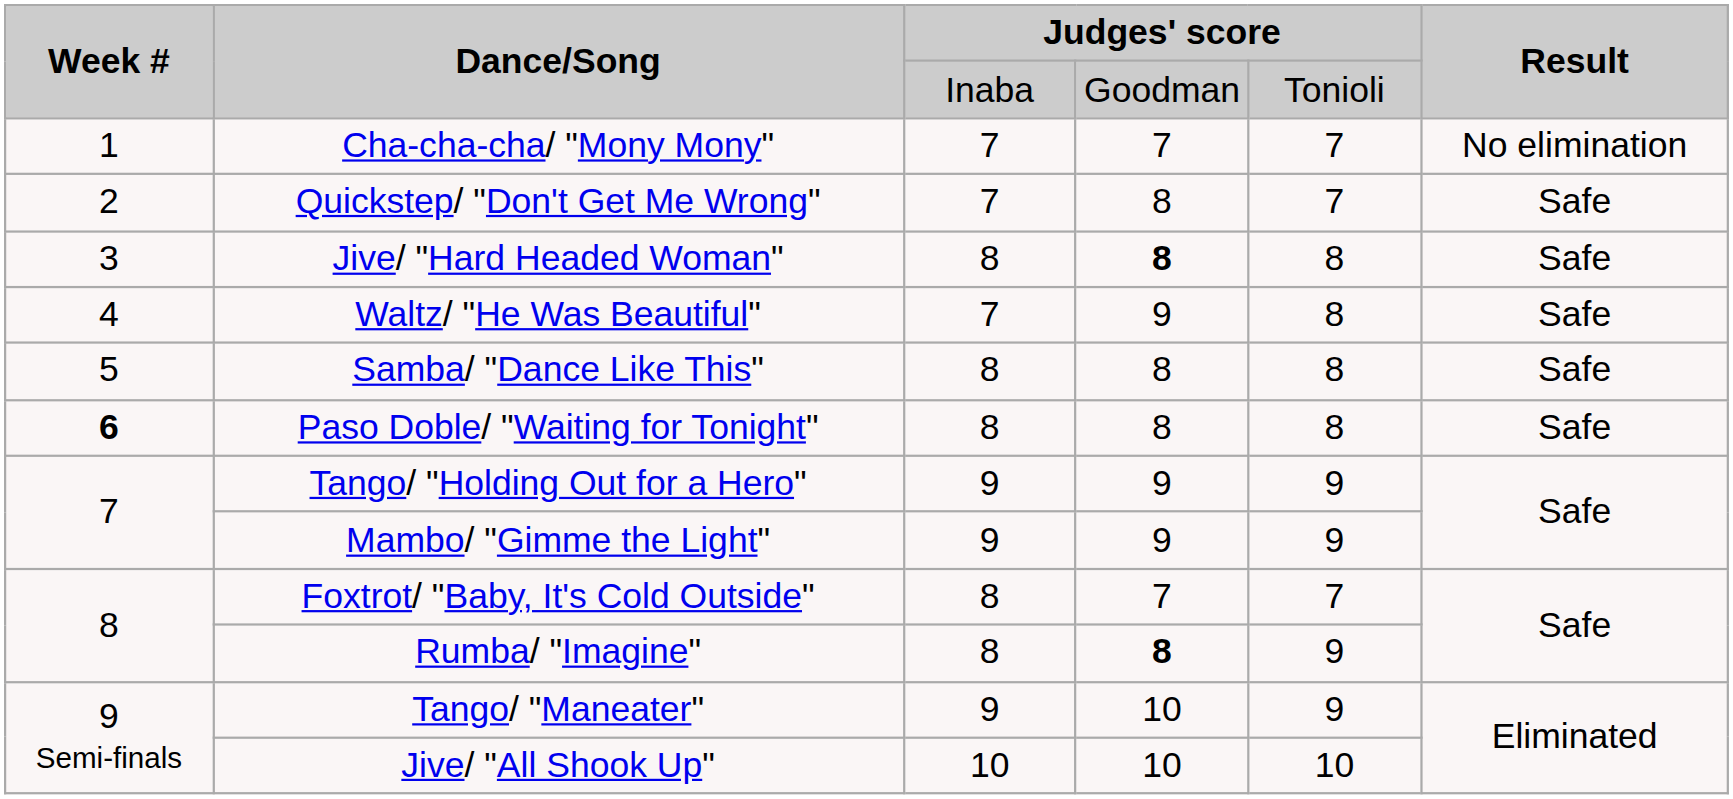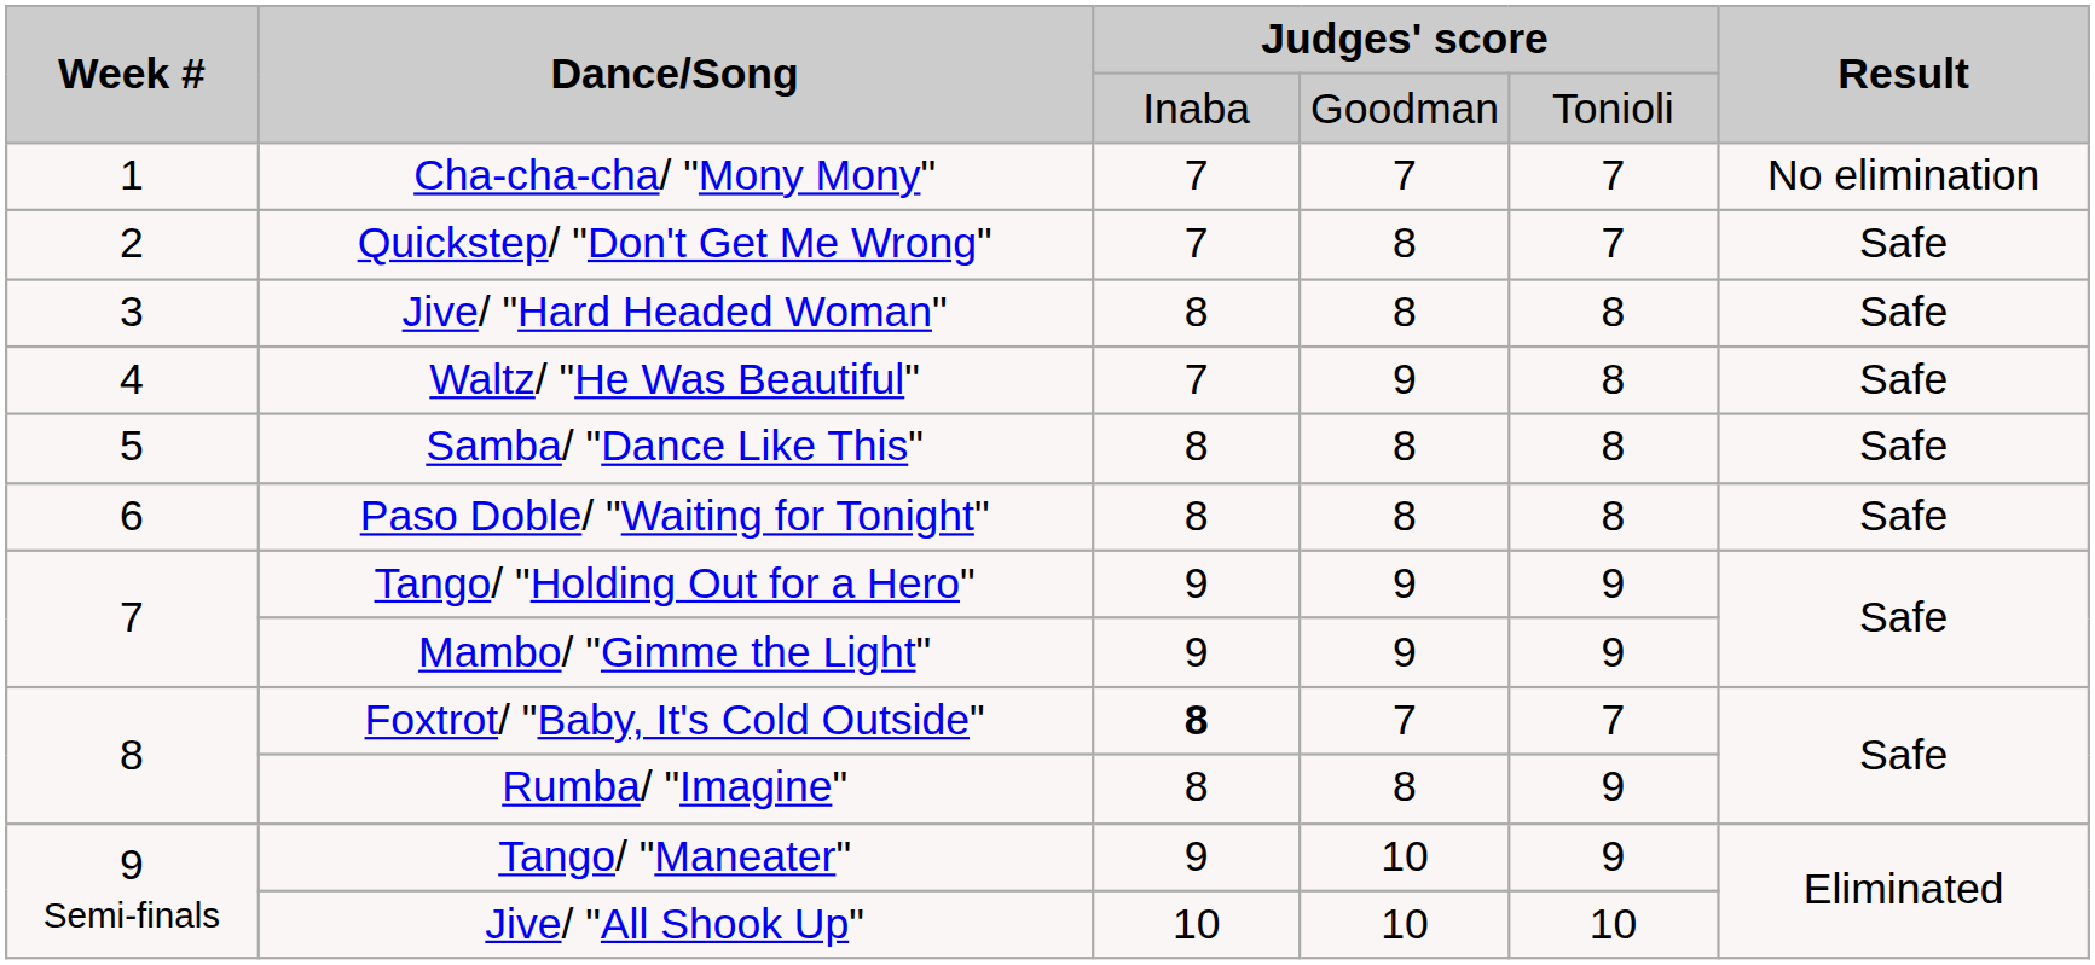 <table class="wikitable">
 <tr style="text-align:Center; background:#ccc;">
 <td rowspan="2"><strong>Week #</strong></td>
 <td rowspan="2"><strong>Dance/Song</strong></td>
 <td colspan="3"><strong>Judges' score</strong></td>
 <td rowspan="2"><strong>Result</strong></td>
 </tr>
 <tr style="text-align:center; background:#ccc;">
 <td style="width:10%; ">Inaba</td>
 <td style="width:10%; ">Goodman</td>
 <td style="width:10%; ">Tonioli</td>
 </tr>
 <tr>
 <td style="text-align:center; background:#faf6f6;">1</td>
 <td style="text-align:center; background:#faf6f6;"><a href='#'>Cha-cha-cha</a>/ "<a href='#'>Mony Mony</a>"</td>
 <td style="text-align:center; background:#faf6f6;">7</td>
 <td style="text-align:center; background:#faf6f6;">7</td>
 <td style="text-align:center; background:#faf6f6;">7</td>
 <td style="text-align:center; background:#faf6f6;">No elimination</td>
 </tr>
 <tr style="text-align:center; background:#faf6f6;">
 <td>2</td>
 <td><a href='#'>Quickstep</a>/ "<a href='#'>Don't Get Me Wrong</a>"</td>
 <td>7</td>
 <td>8</td>
 <td>7</td>
 <td>Safe</td>
 </tr>
 <tr>
 <td style="text-align:center; background:#faf6f6;">3</td>
 <td style="text-align:center; background:#faf6f6;"><a href='#'>Jive</a>/ "<a href='#'>Hard Headed Woman</a>"</td>
 <td style="text-align:center; background:#faf6f6;">8</td>
-<td style="text-align:center; background:#faf6f6;"><strong>8</strong></td>
+<td style="text-align:center; background:#faf6f6;">8</td>
 <td style="text-align:center; background:#faf6f6;">8</td>
 <td style="text-align:center; background:#faf6f6;">Safe</td>
 </tr>
 <tr>
 <td style="text-align:center; background:#faf6f6;">4</td>
 <td style="text-align:center; background:#faf6f6;"><a href='#'>Waltz</a>/ "<a href='#'>He Was Beautiful</a>"</td>
 <td style="text-align:center; background:#faf6f6;">7</td>
 <td style="text-align:center; background:#faf6f6;">9</td>
 <td style="text-align:center; background:#faf6f6;">8</td>
 <td style="text-align:center; background:#faf6f6;">Safe</td>
 </tr>
 <tr>
 <td style="text-align:center; background:#faf6f6;">5</td>
 <td style="text-align:center; background:#faf6f6;"><a href='#'>Samba</a>/ "<a href='#'>Dance Like This</a>"</td>
 <td style="text-align:center; background:#faf6f6;">8</td>
 <td style="text-align:center; background:#faf6f6;">8</td>
 <td style="text-align:center; background:#faf6f6;">8</td>
 <td style="text-align:center; background:#faf6f6;">Safe</td>
 </tr>
 <tr>
-<td style="text-align:center; background:#faf6f6;"><strong>6</strong></td>
+<td style="text-align:center; background:#faf6f6;">6</td>
 <td style="text-align:center; background:#faf6f6;"><a href='#'>Paso Doble</a>/ "<a href='#'>Waiting for Tonight</a>"</td>
 <td style="text-align:center; background:#faf6f6;">8</td>
 <td style="text-align:center; background:#faf6f6;">8</td>
 <td style="text-align:center; background:#faf6f6;">8</td>
 <td style="text-align:center; background:#faf6f6;">Safe</td>
 </tr>
 <tr>
 <td rowspan="2" style="text-align:center; background:#faf6f6;">7</td>
 <td style="text-align:center; background:#faf6f6;"><a href='#'>Tango</a>/ "<a href='#'>Holding Out for a Hero</a>"</td>
 <td style="text-align:center; background:#faf6f6;">9</td>
 <td style="text-align:center; background:#faf6f6;">9</td>
 <td style="text-align:center; background:#faf6f6;">9</td>
 <td rowspan="2" style="text-align:center; background:#faf6f6;">Safe</td>
 </tr>
 <tr>
 <td style="text-align:center; background:#faf6f6;"><a href='#'>Mambo</a>/ "<a href='#'>Gimme the Light</a>"</td>
 <td style="text-align:center; background:#faf6f6;">9</td>
 <td style="text-align:center; background:#faf6f6;">9</td>
 <td style="text-align:center; background:#faf6f6;">9</td>
 </tr>
 <tr>
 <td rowspan="2" style="text-align:center; background:#faf6f6;">8</td>
 <td style="text-align:center; background:#faf6f6;"><a href='#'>Foxtrot</a>/ "<a href='#'>Baby, It's Cold Outside</a>"</td>
-<td style="text-align:center; background:#faf6f6;">8</td>
+<td style="text-align:center; background:#faf6f6;"><strong>8</strong></td>
 <td style="text-align:center; background:#faf6f6;">7</td>
 <td style="text-align:center; background:#faf6f6;">7</td>
 <td rowspan="2" style="text-align:center; background:#faf6f6;">Safe</td>
 </tr>
 <tr>
 <td style="text-align:center; background:#faf6f6;"><a href='#'>Rumba</a>/ "<a href='#'>Imagine</a>"</td>
 <td style="text-align:center; background:#faf6f6;">8</td>
-<td style="text-align:center; background:#faf6f6;"><strong>8</strong></td>
+<td style="text-align:center; background:#faf6f6;">8</td>
 <td style="text-align:center; background:#faf6f6;">9</td>
 </tr>
 <tr>
 <td rowspan="2" style="text-align:center; background:#faf6f6;">9<br><small>Semi-finals</small></td>
 <td style="text-align:center; background:#faf6f6;"><a href='#'>Tango</a>/ "<a href='#'>Maneater</a>"</td>
 <td style="text-align:center; background:#faf6f6;">9</td>
 <td style="text-align:center; background:#faf6f6;">10</td>
 <td style="text-align:center; background:#faf6f6;">9</td>
 <td rowspan="2" style="text-align:center; background:#faf6f6;">Eliminated</td>
 </tr>
 <tr>
 <td style="text-align:center; background:#faf6f6;"><a href='#'>Jive</a>/ "<a href='#'>All Shook Up</a>"</td>
 <td style="text-align:center; background:#faf6f6;">10</td>
 <td style="text-align:center; background:#faf6f6;">10</td>
 <td style="text-align:center; background:#faf6f6;">10</td>
 </tr>
 </table>
